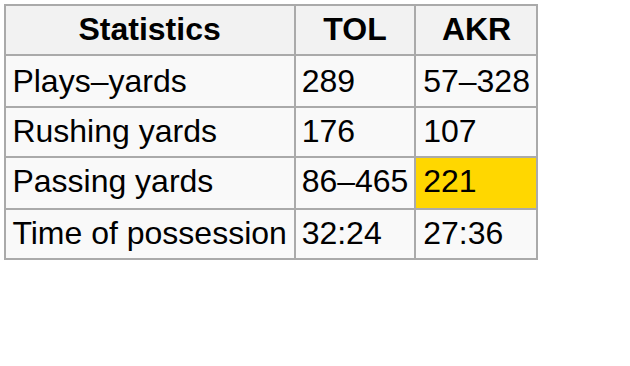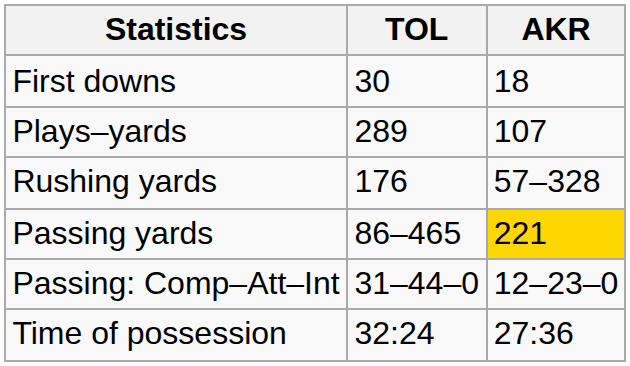 <table class="wikitable" style="float: left;">
 <tr>
 <th>Statistics</th>
 <th>TOL</th>
 <th>AKR</th>
 </tr>
 <tr>
+<td>First downs</td>
+<td>30</td>
+<td>18</td>
+</tr>
+<tr>
 <td>Plays–yards</td>
 <td>289</td>
-<td>57–328</td>
+<td>107</td>
 </tr>
 <tr>
 <td>Rushing yards</td>
 <td>176</td>
-<td>107</td>
+<td>57–328</td>
 </tr>
 <tr>
 <td>Passing yards</td>
 <td>86–465</td>
 <td style="background: gold;">221</td>
+</tr>
+<tr>
+<td>Passing: Comp–Att–Int</td>
+<td>31–44–0</td>
+<td>12–23–0</td>
 </tr>
 <tr>
 <td>Time of possession</td>
 <td>32:24</td>
 <td>27:36</td>
 </tr>
 <tr>
 </tr>
 </table>
